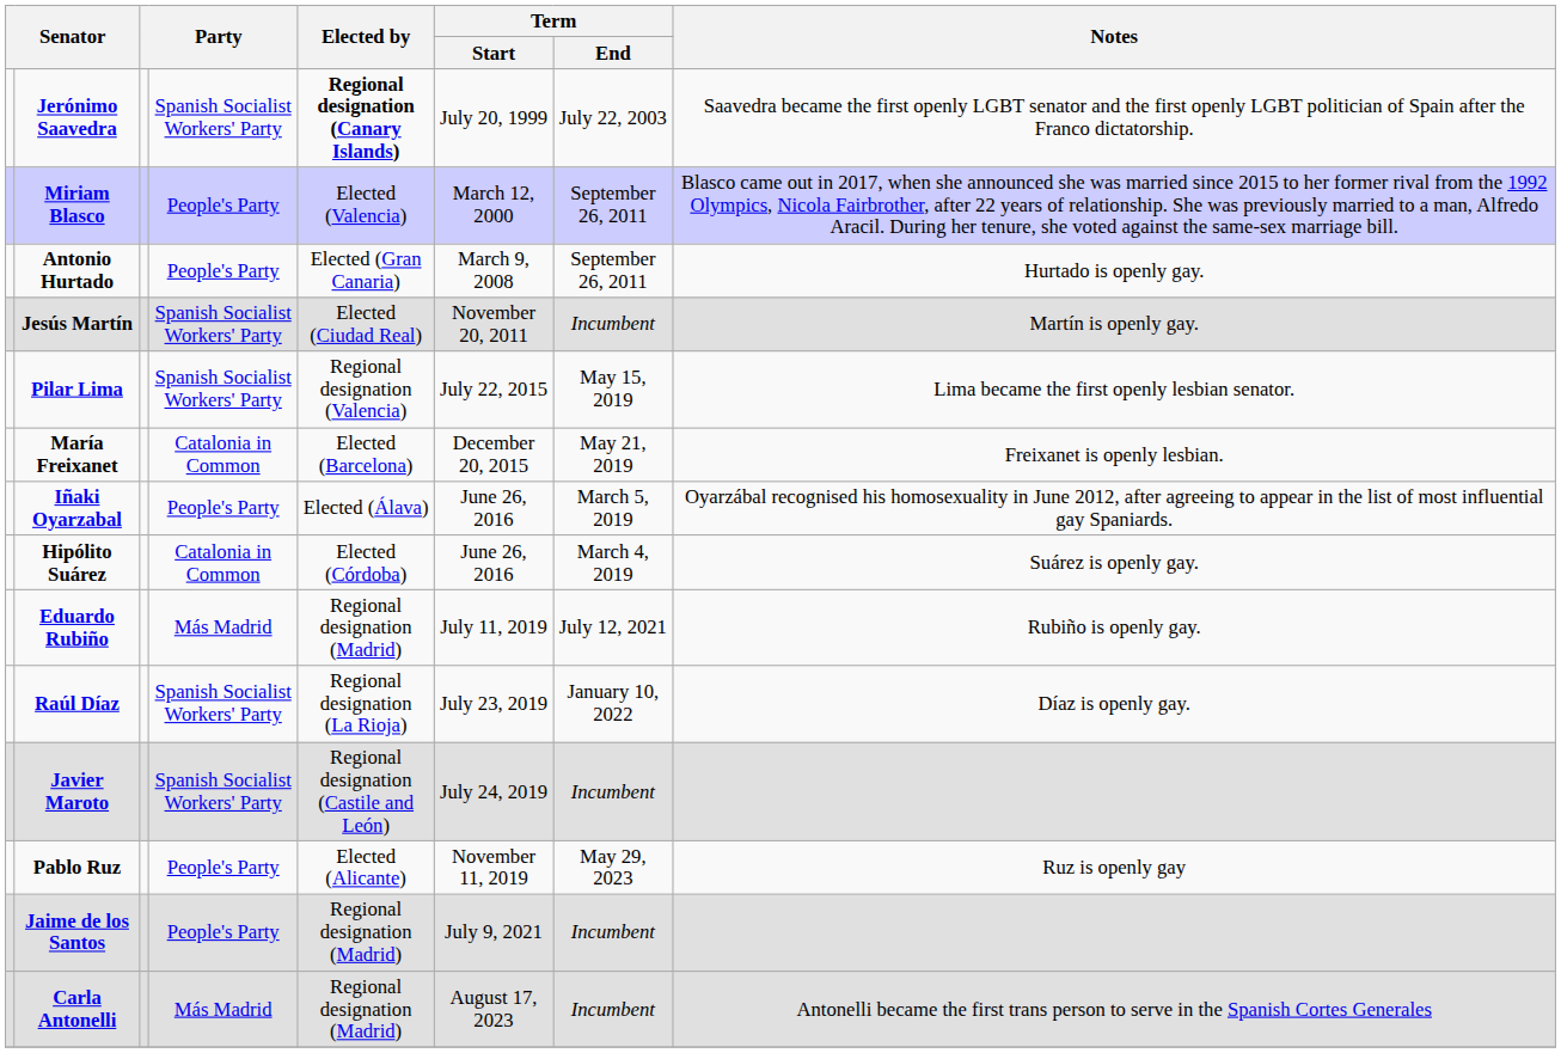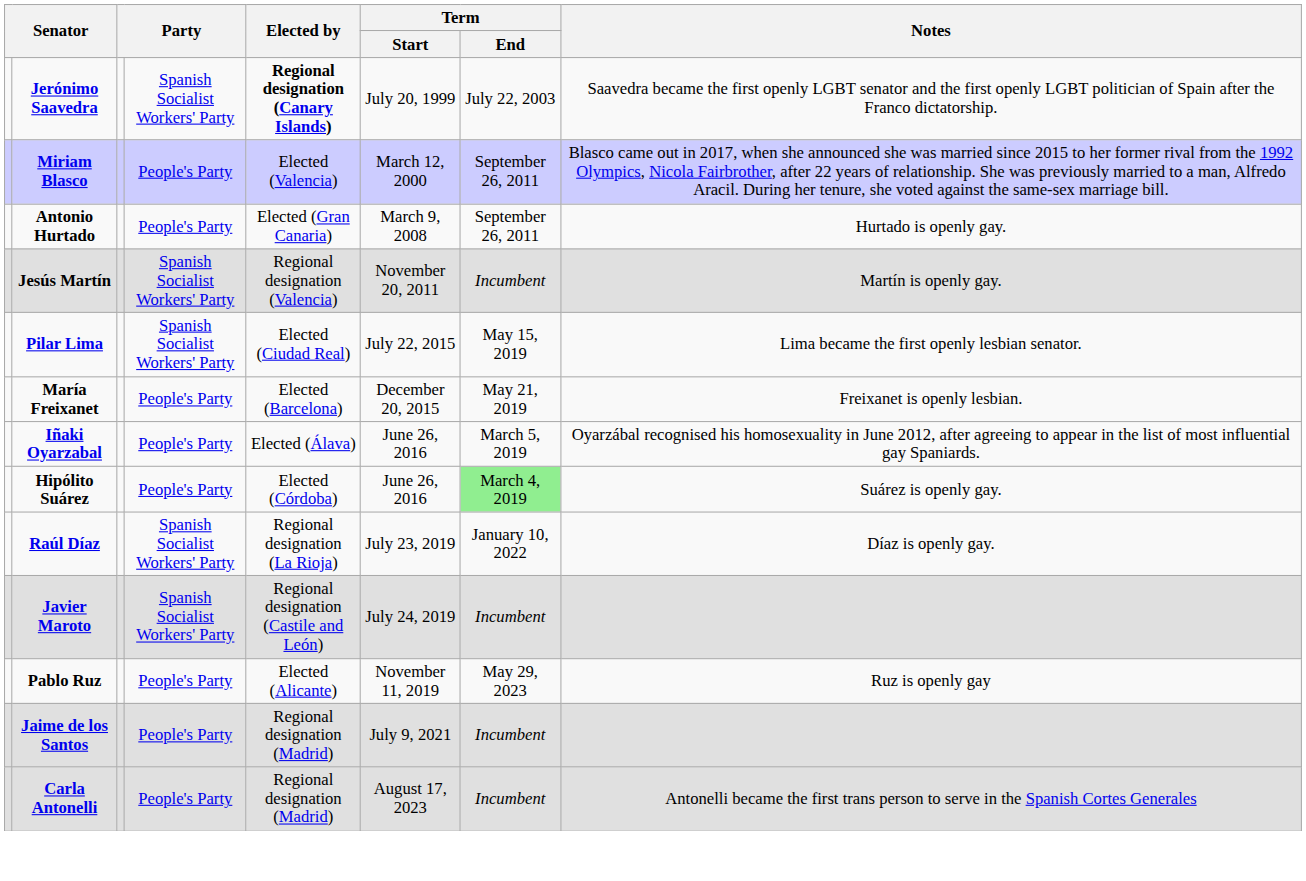 <table class="wikitable sortable" style="text-align:center">
 <tr>
 <th colspan="2" rowspan="2">Senator</th>
 <th colspan="2" rowspan="2">Party</th>
 <th rowspan="2">Elected by</th>
 <th colspan="2">Term</th>
 <th rowspan="2">Notes</th>
 </tr>
 <tr>
 <th>Start</th>
 <th>End</th>
 </tr>
 <tr>
 <td></td>
 <td><strong><a href='#'>Jerónimo Saavedra</a></strong></td>
 <td style="background-color:"></td>
 <td><a href='#'>Spanish Socialist Workers' Party</a></td>
 <td><strong>Regional designation<br>(<a href='#'>Canary Islands</a>)</strong></td>
 <td>July 20, 1999</td>
 <td>July 22, 2003</td>
 <td>Saavedra became the first openly LGBT senator and the first openly LGBT politician of Spain after the Franco dictatorship.</td>
 </tr>
 <tr style="background:#CCF">
 <td></td>
 <td><strong><a href='#'>Miriam Blasco</a></strong></td>
 <td style="background-color:"></td>
 <td><a href='#'>People's Party</a></td>
 <td>Elected (<a href='#'>Valencia</a>)</td>
 <td>March 12, 2000</td>
 <td>September 26, 2011</td>
 <td>Blasco came out in 2017, when she announced she was married since 2015 to her former rival from the <a href='#'>1992 Olympics</a>, <a href='#'>Nicola Fairbrother</a>, after 22 years of relationship. She was previously married to a man, Alfredo Aracil. During her tenure, she voted against the same-sex marriage bill.</td>
 </tr>
 <tr>
 <td></td>
 <td><strong>Antonio Hurtado</strong></td>
 <td style="background-color:"></td>
 <td><a href='#'>People's Party</a></td>
 <td>Elected (<a href='#'>Gran Canaria</a>)</td>
 <td>March 9, 2008</td>
 <td>September 26, 2011</td>
 <td>Hurtado is openly gay.</td>
 </tr>
 <tr style="background:#e0e0e0">
 <td></td>
 <td><strong>Jesús Martín</strong></td>
 <td style="background-color:"></td>
 <td><a href='#'>Spanish Socialist Workers' Party</a></td>
-<td>Elected (<a href='#'>Ciudad Real</a>)</td>
+<td>Regional designation<br>(<a href='#'>Valencia</a>)</td>
 <td>November 20, 2011</td>
 <td><em>Incumbent</em></td>
 <td>Martín is openly gay.</td>
 </tr>
 <tr>
 <td></td>
 <td><strong><a href='#'>Pilar Lima</a></strong></td>
 <td style="background-color:"></td>
 <td><a href='#'>Spanish Socialist Workers' Party</a></td>
-<td>Regional designation<br>(<a href='#'>Valencia</a>)</td>
+<td>Elected (<a href='#'>Ciudad Real</a>)</td>
 <td>July 22, 2015</td>
 <td>May 15, 2019</td>
 <td>Lima became the first openly lesbian senator.</td>
 </tr>
 <tr>
 <td></td>
 <td><strong>María Freixanet</strong></td>
 <td style="background-color:"></td>
-<td><a href='#'>Catalonia in Common</a></td>
+<td><a href='#'>People's Party</a></td>
 <td>Elected (<a href='#'>Barcelona</a>)</td>
 <td>December 20, 2015</td>
 <td>May 21, 2019</td>
 <td>Freixanet is openly lesbian.</td>
 </tr>
 <tr>
 <td></td>
 <td><strong><a href='#'>Iñaki Oyarzabal</a></strong></td>
 <td style="background-color:"></td>
 <td><a href='#'>People's Party</a></td>
 <td>Elected (<a href='#'>Álava</a>)</td>
 <td>June 26, 2016</td>
 <td>March 5, 2019</td>
 <td>Oyarzábal recognised his homosexuality in June 2012, after agreeing to appear in the list of most influential gay Spaniards.</td>
 </tr>
 <tr>
 <td></td>
 <td><strong>Hipólito Suárez</strong></td>
 <td style="background-color:"></td>
-<td><a href='#'>Catalonia in Common</a></td>
+<td><a href='#'>People's Party</a></td>
 <td>Elected (<a href='#'>Córdoba</a>)</td>
 <td>June 26, 2016</td>
-<td>March 4, 2019</td>
+<td style="background: lightgreen;">March 4, 2019</td>
 <td>Suárez is openly gay.</td>
-</tr>
-<tr>
-<td></td>
-<td><strong><a href='#'>Eduardo Rubiño</a></strong></td>
-<td style="background-color:"></td>
-<td><a href='#'>Más Madrid</a></td>
-<td>Regional designation<br>(<a href='#'>Madrid</a>)</td>
-<td>July 11, 2019</td>
-<td>July 12, 2021</td>
-<td>Rubiño is openly gay.</td>
 </tr>
 <tr>
 <td></td>
 <td><strong><a href='#'>Raúl Díaz</a></strong></td>
 <td style="background-color:"></td>
 <td><a href='#'>Spanish Socialist Workers' Party</a></td>
 <td>Regional designation<br>(<a href='#'>La Rioja</a>)</td>
 <td>July 23, 2019</td>
 <td>January 10, 2022</td>
 <td>Díaz is openly gay.</td>
 </tr>
 <tr style="background:#e0e0e0">
 <td></td>
 <td><strong><a href='#'>Javier Maroto</a></strong></td>
 <td style="background-color:"></td>
 <td><a href='#'>Spanish Socialist Workers' Party</a></td>
 <td>Regional designation<br>(<a href='#'>Castile and León</a>)</td>
 <td>July 24, 2019</td>
 <td><em>Incumbent</em></td>
 <td></td>
 </tr>
 <tr>
 <td></td>
 <td><strong>Pablo Ruz</strong></td>
 <td style="background-color:"></td>
 <td><a href='#'>People's Party</a></td>
 <td>Elected (<a href='#'>Alicante</a>)</td>
 <td>November 11, 2019</td>
 <td>May 29, 2023</td>
 <td>Ruz is openly gay</td>
 </tr>
 <tr style="background:#e0e0e0">
 <td></td>
 <td><strong><a href='#'>Jaime de los Santos</a></strong></td>
 <td style="background-color:"></td>
 <td><a href='#'>People's Party</a></td>
 <td>Regional designation<br>(<a href='#'>Madrid</a>)</td>
 <td>July 9, 2021</td>
 <td><em>Incumbent</em></td>
 <td></td>
 </tr>
 <tr style="background:#e0e0e0">
 <td></td>
 <td><strong><a href='#'>Carla Antonelli</a></strong></td>
 <td style="background-color:"></td>
-<td><a href='#'>Más Madrid</a></td>
+<td><a href='#'>People's Party</a></td>
 <td>Regional designation<br>(<a href='#'>Madrid</a>)</td>
 <td>August 17, 2023</td>
 <td><em>Incumbent</em></td>
 <td>Antonelli became the first trans person to serve in the <a href='#'>Spanish Cortes Generales</a></td>
 </tr>
 <tr>
 </tr>
 </table>
